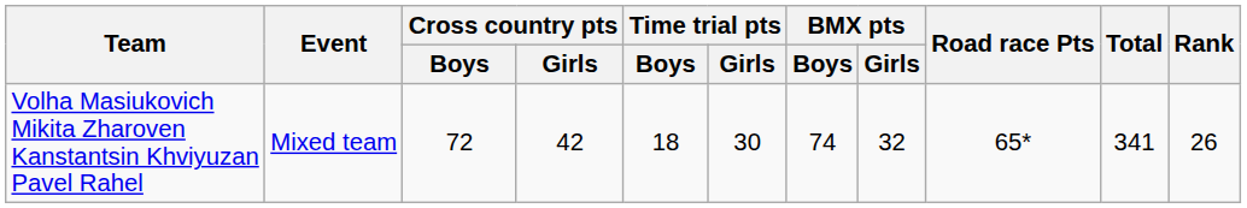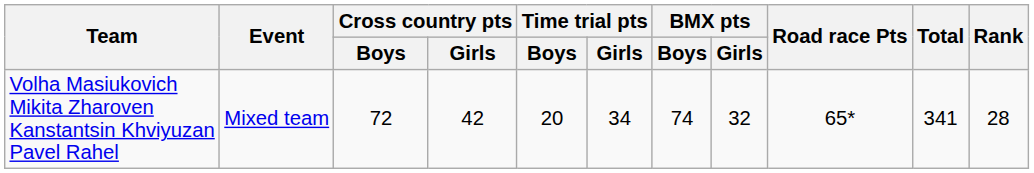 <table class="wikitable" border="1" style="font-size:90%">
 <tr>
 <th rowspan=2>Team</th>
 <th rowspan=2>Event</th>
 <th colspan=2>Cross country pts</th>
 <th colspan=2>Time trial pts</th>
 <th colspan=2>BMX pts</th>
 <th rowspan=2>Road race Pts</th>
 <th rowspan=2>Total</th>
 <th rowspan=2>Rank</th>
 </tr>
 <tr>
 <th>Boys</th>
 <th>Girls</th>
 <th>Boys</th>
 <th>Girls</th>
 <th>Boys</th>
 <th>Girls</th>
 </tr>
 <tr>
 <td><a href='#'>Volha Masiukovich</a><br><a href='#'>Mikita Zharoven</a><br><a href='#'>Kanstantsin Khviyuzan</a><br><a href='#'>Pavel Rahel</a></td>
 <td><a href='#'>Mixed team</a></td>
 <td align=center>72</td>
 <td align=center>42</td>
-<td align=center>18</td>
-<td align=center>30</td>
+<td align=center>20</td>
+<td align=center>34</td>
 <td align=center>74</td>
 <td align=center>32</td>
 <td align=center>65*</td>
 <td align=center>341</td>
-<td align=center>26</td>
+<td align=center>28</td>
 </tr>
 </table>
